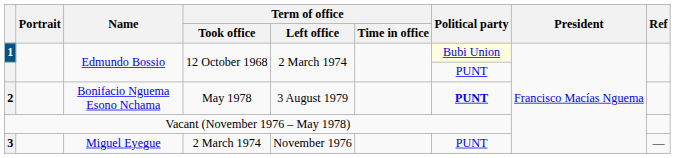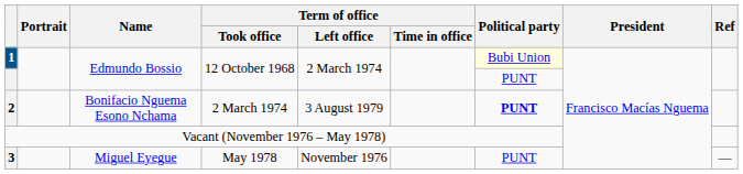 <table class="wikitable" style="text-align:center">
 <tr>
 <th rowspan="2"></th>
 <th rowspan="2">Portrait</th>
 <th rowspan="2" width="150">Name<br></th>
 <th colspan="3">Term of office</th>
 <th rowspan="2">Political party</th>
 <th rowspan="2">President</th>
 <th rowspan="2">Ref</th>
 </tr>
 <tr>
 <th>Took office</th>
 <th>Left office</th>
 <th>Time in office</th>
 </tr>
 <tr>
 <th style="background-color:#005488; color:white;">1</th>
 <td rowspan="2"></td>
 <td rowspan="2"><a href='#'>Edmundo Bossio</a><br></td>
 <td rowspan="2">12 October 1968</td>
 <td rowspan="2">2 March 1974</td>
 <td rowspan="2"></td>
 <td style="background: lightyellow;"><a href='#'>Bubi Union</a><br></td>
 <td rowspan=5><a href='#'>Francisco Macías Nguema</a></td>
 <td rowspan="2"></td>
 </tr>
 <tr>
 <th style="background:"></th>
 <td><a href='#'>PUNT</a></td>
 </tr>
 <tr>
 <th style="background-color:">2</th>
 <td></td>
 <td><a href='#'>Bonifacio Nguema Esono Nchama</a><br></td>
-<td>May 1978</td>
+<td>2 March 1974</td>
 <td>3 August 1979<br></td>
 <td></td>
 <td><strong><a href='#'>PUNT</a></strong></td>
 <td></td>
 </tr>
 <tr>
 <td colspan="7">Vacant (November 1976 – May 1978)</td>
 </tr>
 <tr>
 <th style="background-color:">3</th>
 <td></td>
 <td><a href='#'>Miguel Eyegue</a><br></td>
-<td>2 March 1974</td>
+<td>May 1978</td>
 <td>November 1976</td>
 <td></td>
 <td><a href='#'>PUNT</a></td>
 <td>—</td>
 </tr>
 </table>
